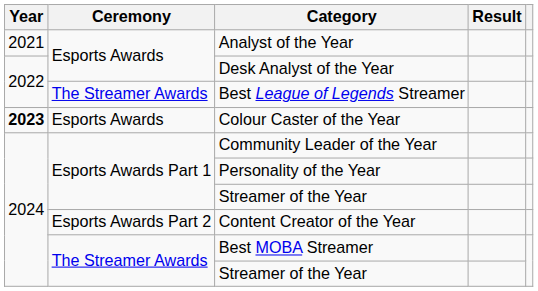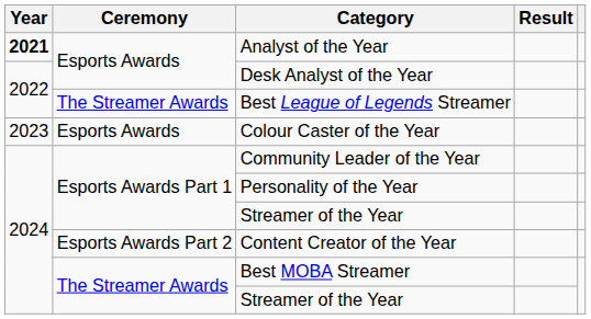 <table class="wikitable sortable">
 <tr>
 <th>Year</th>
 <th>Ceremony</th>
 <th>Category</th>
 <th>Result</th>
 <th></th>
 </tr>
 <tr>
-<td>2021</td>
+<td><strong>2021</strong></td>
 <td rowspan="2">Esports Awards</td>
 <td>Analyst of the Year</td>
 <td></td>
 <td align="center"></td>
 </tr>
 <tr>
 <td rowspan="2">2022</td>
 <td>Desk Analyst of the Year</td>
 <td></td>
 <td align="center"></td>
 </tr>
 <tr>
 <td><a href='#'>The Streamer Awards</a></td>
 <td>Best <em><a href='#'>League of Legends</a></em> Streamer</td>
 <td></td>
 <td align="center"></td>
 </tr>
 <tr>
-<td><strong>2023</strong></td>
+<td>2023</td>
 <td>Esports Awards</td>
 <td>Colour Caster of the Year</td>
 <td></td>
 <td align="center"></td>
 </tr>
 <tr>
 <td rowspan="6">2024</td>
 <td rowspan="3">Esports Awards Part 1</td>
 <td>Community Leader of the Year</td>
 <td></td>
 <td align="center"></td>
 </tr>
 <tr>
 <td>Personality of the Year</td>
 <td></td>
 <td align="center"></td>
 </tr>
 <tr>
 <td>Streamer of the Year</td>
 <td></td>
 <td align="center"></td>
 </tr>
 <tr>
 <td>Esports Awards Part 2</td>
 <td>Content Creator of the Year</td>
 <td></td>
 <td align="center"></td>
 </tr>
 <tr>
 <td rowspan="2"><a href='#'>The Streamer Awards</a></td>
 <td>Best <a href='#'>MOBA</a> Streamer</td>
 <td></td>
 <td rowspan="3"></td>
 </tr>
 <tr>
 <td>Streamer of the Year</td>
 <td></td>
 </tr>
 </table>
